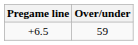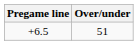 <table class="wikitable" style="margin-left: auto; margin-right: auto; border: none; display: inline-table;">
 <tr align="center">
 <th style=>Pregame line</th>
 <th style=>Over/under</th>
 </tr>
 <tr align="center">
 <td>+6.5</td>
-<td>59</td>
+<td>51</td>
 </tr>
 </table>
